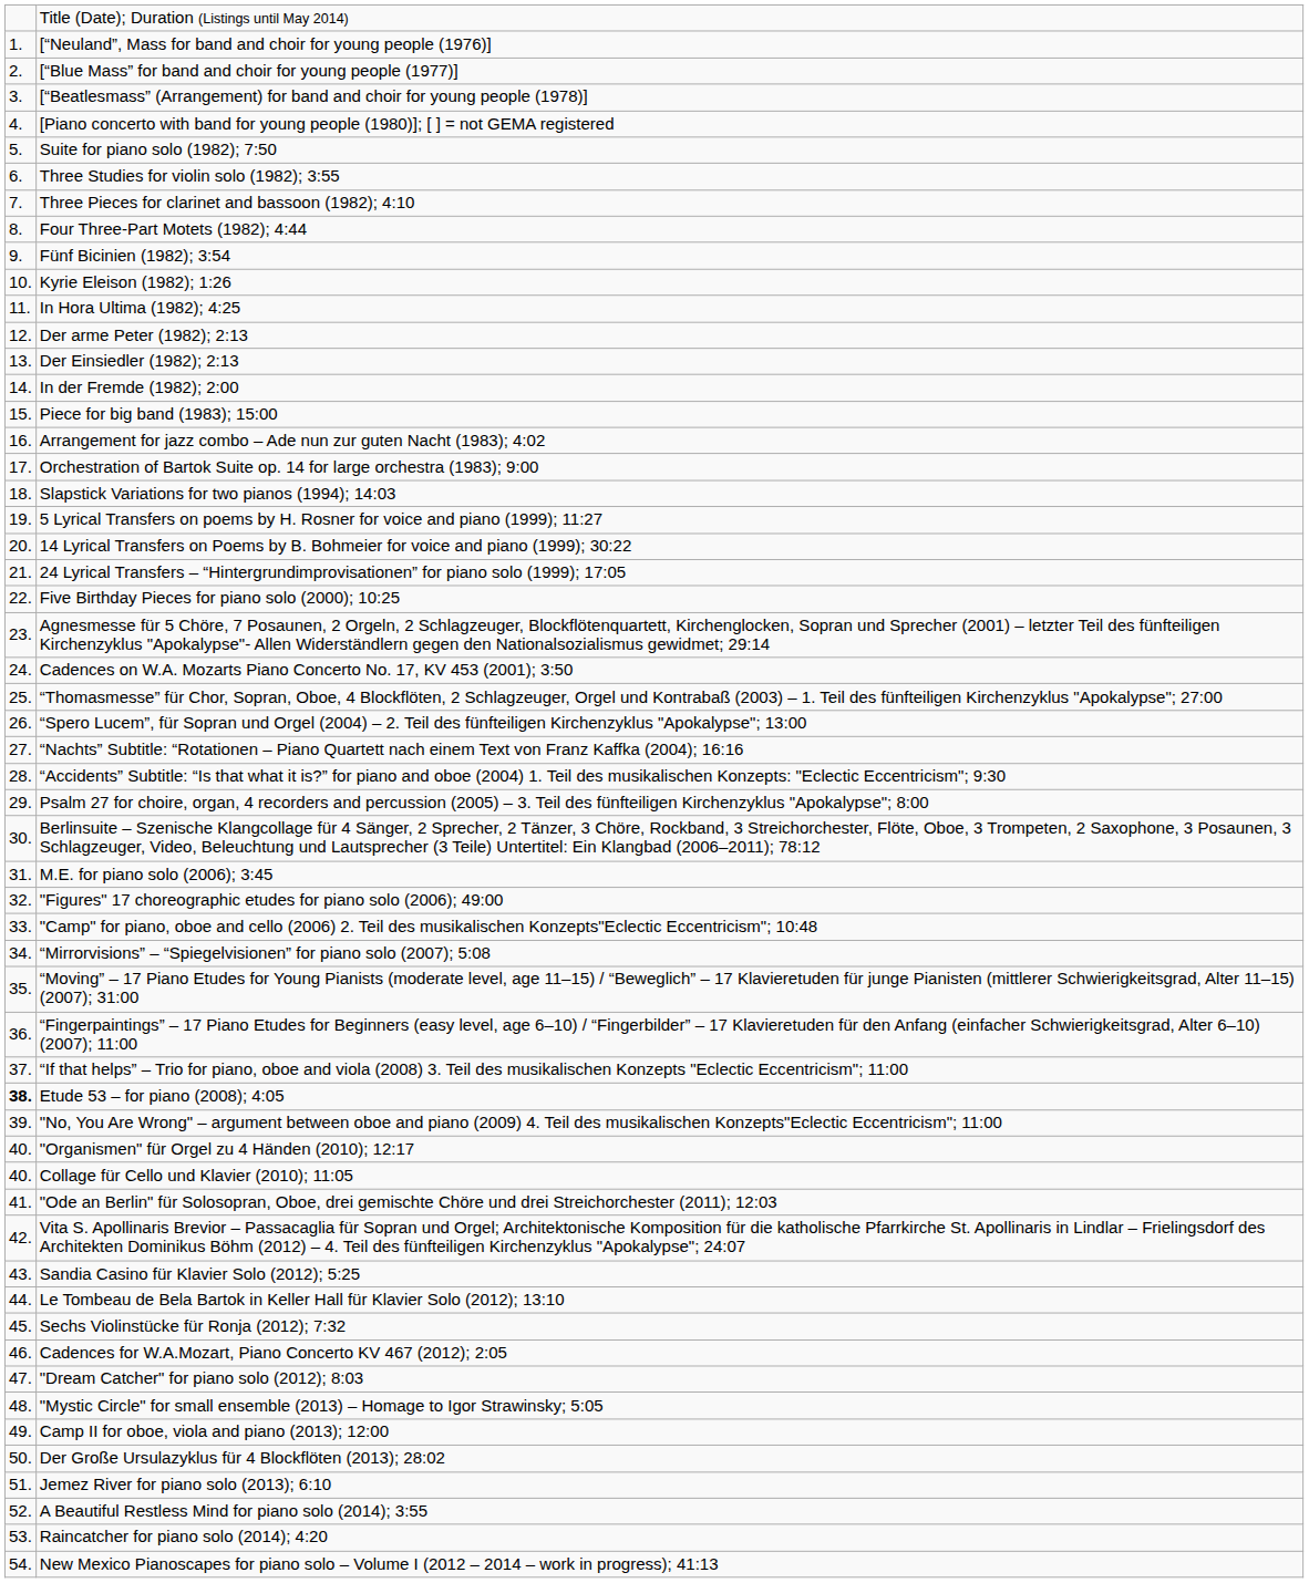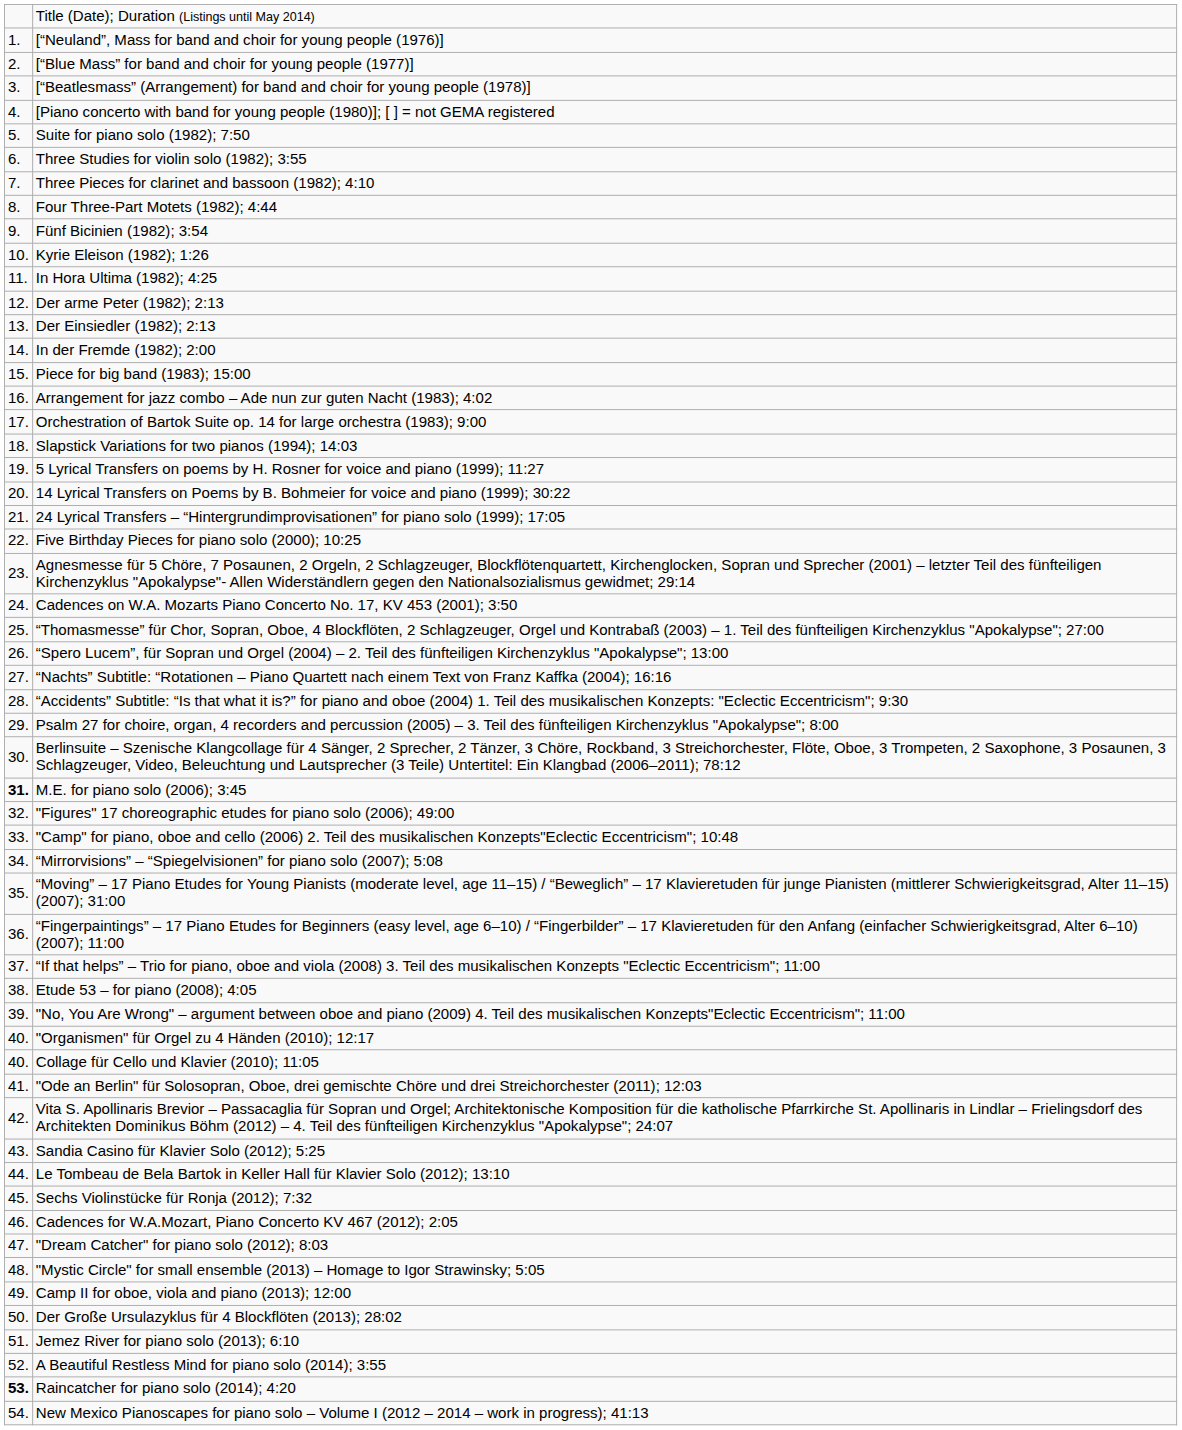 <table class="wikitable">
 <tr>
 <td></td>
 <td>Title (Date); Duration <small>(Listings until May 2014)</small></td>
 </tr>
 <tr>
 <td>1.</td>
 <td>[“Neuland”, Mass for band and choir for young people (1976)]</td>
 </tr>
 <tr>
 <td>2.</td>
 <td>[“Blue Mass” for band and choir for young people (1977)]</td>
 </tr>
 <tr>
 <td>3.</td>
 <td>[“Beatlesmass” (Arrangement) for band and choir for young people (1978)]</td>
 </tr>
 <tr>
 <td>4.</td>
 <td>[Piano concerto with band for young people (1980)]; [ ] = not GEMA registered</td>
 </tr>
 <tr>
 <td>5.</td>
 <td>Suite for piano solo (1982); 7:50</td>
 </tr>
 <tr>
 <td>6.</td>
 <td>Three Studies for violin solo (1982); 3:55</td>
 </tr>
 <tr>
 <td>7.</td>
 <td>Three Pieces for clarinet and bassoon (1982); 4:10</td>
 </tr>
 <tr>
 <td>8.</td>
 <td>Four Three-Part Motets (1982); 4:44</td>
 </tr>
 <tr>
 <td>9.</td>
 <td>Fünf Bicinien (1982); 3:54</td>
 </tr>
 <tr>
 <td>10.</td>
 <td>Kyrie Eleison (1982); 1:26</td>
 </tr>
 <tr>
 <td>11.</td>
 <td>In Hora Ultima (1982); 4:25</td>
 </tr>
 <tr>
 <td>12.</td>
 <td>Der arme Peter (1982); 2:13</td>
 </tr>
 <tr>
 <td>13.</td>
 <td>Der Einsiedler (1982); 2:13</td>
 </tr>
 <tr>
 <td>14.</td>
 <td>In der Fremde (1982); 2:00</td>
 </tr>
 <tr>
 <td>15.</td>
 <td>Piece for big band (1983); 15:00</td>
 </tr>
 <tr>
 <td>16.</td>
 <td>Arrangement for jazz combo – Ade nun zur guten Nacht (1983); 4:02</td>
 </tr>
 <tr>
 <td>17.</td>
 <td>Orchestration of Bartok Suite op. 14 for large orchestra (1983); 9:00</td>
 </tr>
 <tr>
 <td>18.</td>
 <td>Slapstick Variations for two pianos (1994); 14:03</td>
 </tr>
 <tr>
 <td>19.</td>
 <td>5 Lyrical Transfers on poems by H. Rosner for voice and piano (1999); 11:27</td>
 </tr>
 <tr>
 <td>20.</td>
 <td>14 Lyrical Transfers on Poems by B. Bohmeier for voice and piano (1999); 30:22</td>
 </tr>
 <tr>
 <td>21.</td>
 <td>24 Lyrical Transfers – “Hintergrundimprovisationen” for piano solo (1999); 17:05</td>
 </tr>
 <tr>
 <td>22.</td>
 <td>Five Birthday Pieces for piano solo (2000); 10:25</td>
 </tr>
 <tr>
 <td>23.</td>
 <td>Agnesmesse für 5 Chöre, 7 Posaunen, 2 Orgeln, 2 Schlagzeuger, Blockflötenquartett, Kirchenglocken, Sopran und Sprecher (2001) – letzter Teil des fünfteiligen Kirchenzyklus "Apokalypse"- Allen Widerständlern gegen den Nationalsozialismus gewidmet; 29:14</td>
 </tr>
 <tr>
 <td>24.</td>
 <td>Cadences on W.A. Mozarts Piano Concerto No. 17, KV 453 (2001); 3:50</td>
 </tr>
 <tr>
 <td>25.</td>
 <td>“Thomasmesse” für Chor, Sopran, Oboe, 4 Blockflöten, 2 Schlagzeuger, Orgel und Kontrabaß (2003) – 1. Teil des fünfteiligen Kirchenzyklus "Apokalypse"; 27:00</td>
 </tr>
 <tr>
 <td>26.</td>
 <td>“Spero Lucem”, für Sopran und Orgel (2004) – 2. Teil des fünfteiligen Kirchenzyklus "Apokalypse"; 13:00</td>
 </tr>
 <tr>
 <td>27.</td>
 <td>“Nachts” Subtitle: “Rotationen – Piano Quartett nach einem Text von Franz Kaffka (2004); 16:16</td>
 </tr>
 <tr>
 <td>28.</td>
 <td>“Accidents” Subtitle: “Is that what it is?” for piano and oboe (2004) 1. Teil des musikalischen Konzepts: "Eclectic Eccentricism"; 9:30</td>
 </tr>
 <tr>
 <td>29.</td>
 <td>Psalm 27 for choire, organ, 4 recorders and percussion (2005) – 3. Teil des fünfteiligen Kirchenzyklus "Apokalypse"; 8:00</td>
 </tr>
 <tr>
 <td>30.</td>
 <td>Berlinsuite – Szenische Klangcollage für 4 Sänger, 2 Sprecher, 2 Tänzer, 3 Chöre, Rockband, 3 Streichorchester, Flöte, Oboe, 3 Trompeten, 2 Saxophone, 3 Posaunen, 3 Schlagzeuger, Video, Beleuchtung und Lautsprecher (3 Teile) Untertitel: Ein Klangbad (2006–2011); 78:12</td>
 </tr>
 <tr>
-<td>31.</td>
+<td><strong>31.</strong></td>
 <td>M.E. for piano solo (2006); 3:45</td>
 </tr>
 <tr>
 <td>32.</td>
 <td>"Figures" 17 choreographic etudes for piano solo  (2006); 49:00</td>
 </tr>
 <tr>
 <td>33.</td>
 <td>"Camp" for piano, oboe and cello (2006) 2. Teil des musikalischen Konzepts"Eclectic Eccentricism"; 10:48</td>
 </tr>
 <tr>
 <td>34.</td>
 <td>“Mirrorvisions” – “Spiegelvisionen” for piano solo (2007); 5:08</td>
 </tr>
 <tr>
 <td>35.</td>
 <td>“Moving” – 17 Piano Etudes for Young Pianists (moderate level, age 11–15)  / “Beweglich” – 17 Klavieretuden für junge Pianisten (mittlerer Schwierigkeitsgrad, Alter 11–15) (2007); 31:00</td>
 </tr>
 <tr>
 <td>36.</td>
 <td>“Fingerpaintings” – 17 Piano Etudes for Beginners (easy level, age 6–10)  / “Fingerbilder” – 17 Klavieretuden für den Anfang (einfacher Schwierigkeitsgrad, Alter 6–10) (2007); 11:00</td>
 </tr>
 <tr>
 <td>37.</td>
 <td>“If that helps” – Trio for piano, oboe and viola (2008) 3. Teil des musikalischen Konzepts "Eclectic Eccentricism"; 11:00</td>
 </tr>
 <tr>
-<td><strong>38.</strong></td>
+<td>38.</td>
 <td>Etude 53 – for piano (2008); 4:05</td>
 </tr>
 <tr>
 <td>39.</td>
 <td>"No, You Are Wrong" – argument between oboe and piano  (2009) 4. Teil des musikalischen Konzepts"Eclectic Eccentricism"; 11:00</td>
 </tr>
 <tr>
 <td>40.</td>
 <td>"Organismen" für Orgel zu 4 Händen (2010); 12:17</td>
 </tr>
 <tr>
 <td>40.</td>
 <td>Collage für Cello und Klavier (2010); 11:05</td>
 </tr>
 <tr>
 <td>41.</td>
 <td>"Ode an Berlin" für Solosopran, Oboe, drei gemischte Chöre und drei Streichorchester (2011); 12:03</td>
 </tr>
 <tr>
 <td>42.</td>
 <td>Vita S. Apollinaris Brevior – Passacaglia für Sopran und Orgel; Architektonische Komposition für die katholische Pfarrkirche St. Apollinaris in Lindlar – Frielingsdorf des Architekten Dominikus Böhm (2012) – 4. Teil des fünfteiligen Kirchenzyklus "Apokalypse"; 24:07</td>
 </tr>
 <tr>
 <td>43.</td>
 <td>Sandia Casino für Klavier Solo (2012); 5:25</td>
 </tr>
 <tr>
 <td>44.</td>
 <td>Le Tombeau de Bela Bartok in Keller Hall für Klavier Solo (2012); 13:10</td>
 </tr>
 <tr>
 <td>45.</td>
 <td>Sechs Violinstücke für Ronja (2012); 7:32</td>
 </tr>
 <tr>
 <td>46.</td>
 <td>Cadences for W.A.Mozart, Piano Concerto KV 467 (2012); 2:05</td>
 </tr>
 <tr>
 <td>47.</td>
 <td>"Dream Catcher" for piano solo (2012); 8:03</td>
 </tr>
 <tr>
 <td>48.</td>
 <td>"Mystic Circle" for small ensemble (2013) – Homage to Igor Strawinsky; 5:05</td>
 </tr>
 <tr>
 <td>49.</td>
 <td>Camp II for oboe, viola and piano (2013); 12:00</td>
 </tr>
 <tr>
 <td>50.</td>
 <td>Der Große Ursulazyklus für 4 Blockflöten (2013); 28:02</td>
 </tr>
 <tr>
 <td>51.</td>
 <td>Jemez River for piano solo (2013); 6:10</td>
 </tr>
 <tr>
 <td>52.</td>
 <td>A Beautiful Restless Mind for piano solo (2014); 3:55</td>
 </tr>
 <tr>
-<td>53.</td>
+<td><strong>53.</strong></td>
 <td>Raincatcher for piano solo (2014); 4:20</td>
 </tr>
 <tr>
 <td>54.</td>
 <td>New Mexico Pianoscapes for piano solo – Volume I (2012 – 2014 – work in progress); 41:13</td>
 </tr>
 </table>
